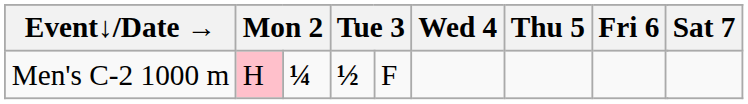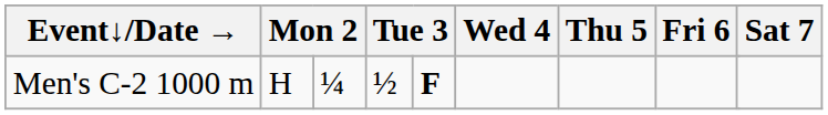 <table class="wikitable olympic-schedule canoeing">
 <tr>
 <th>Event↓/Date →</th>
 <th colspan="2">Mon 2</th>
 <th colspan="2">Tue 3</th>
 <th colspan="2">Wed 4</th>
 <th colspan="2">Thu 5</th>
 <th colspan="2">Fri 6</th>
 <th colspan="2">Sat 7</th>
 </tr>
 <tr>
 <td class="event">Men's C-2 1000 m</td>
-<td class="heats" style="background: pink;">H</td>
-<td class="quarterfinals"><strong>¼</strong></td>
-<td class="semifinals"><strong>½</strong></td>
-<td class="final">F</td>
+<td class="heats">H</td>
+<td class="quarterfinals">¼</td>
+<td class="semifinals">½</td>
+<td class="final"><strong>F</strong></td>
 <td colspan="2"></td>
 <td colspan="2"></td>
 <td colspan="2"></td>
 <td colspan="2"></td>
 </tr>
 </table>
